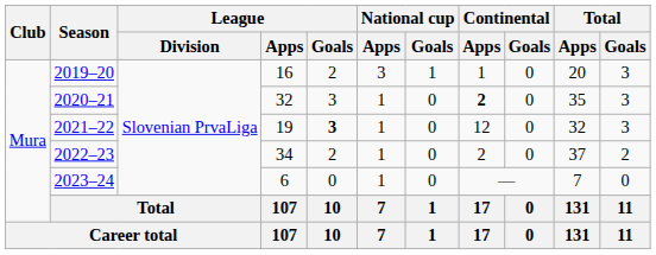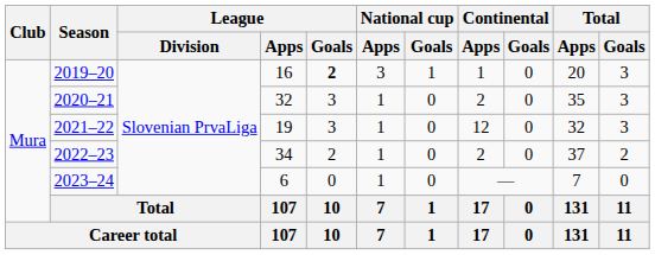 <table class=wikitable style=text-align:center>
 <tr>
 <th rowspan=2>Club</th>
 <th rowspan=2>Season</th>
 <th colspan=3>League</th>
 <th colspan=2>National cup</th>
 <th colspan=2>Continental</th>
 <th colspan=2>Total</th>
 </tr>
 <tr>
 <th>Division</th>
 <th>Apps</th>
 <th>Goals</th>
 <th>Apps</th>
 <th>Goals</th>
 <th>Apps</th>
 <th>Goals</th>
 <th>Apps</th>
 <th>Goals</th>
 </tr>
 <tr>
 <td rowspan=6><a href='#'>Mura</a></td>
 <td><a href='#'>2019–20</a></td>
 <td rowspan=5><a href='#'>Slovenian PrvaLiga</a></td>
 <td>16</td>
-<td>2</td>
+<td><strong>2</strong></td>
 <td>3</td>
 <td>1</td>
 <td>1</td>
 <td>0</td>
 <td>20</td>
 <td>3</td>
 </tr>
 <tr>
 <td><a href='#'>2020–21</a></td>
 <td>32</td>
 <td>3</td>
 <td>1</td>
 <td>0</td>
-<td><strong>2</strong></td>
+<td>2</td>
 <td>0</td>
 <td>35</td>
 <td>3</td>
 </tr>
 <tr>
 <td><a href='#'>2021–22</a></td>
 <td>19</td>
-<td><strong>3</strong></td>
+<td>3</td>
 <td>1</td>
 <td>0</td>
 <td>12</td>
 <td>0</td>
 <td>32</td>
 <td>3</td>
 </tr>
 <tr>
 <td><a href='#'>2022–23</a></td>
 <td>34</td>
 <td>2</td>
 <td>1</td>
 <td>0</td>
 <td>2</td>
 <td>0</td>
 <td>37</td>
 <td>2</td>
 </tr>
 <tr>
 <td><a href='#'>2023–24</a></td>
 <td>6</td>
 <td>0</td>
 <td>1</td>
 <td>0</td>
 <td colspan="2">—</td>
 <td>7</td>
 <td>0</td>
 </tr>
 <tr>
 <th colspan="2">Total</th>
 <th>107</th>
 <th>10</th>
 <th>7</th>
 <th>1</th>
 <th>17</th>
 <th>0</th>
 <th>131</th>
 <th>11</th>
 </tr>
 <tr>
 <th colspan=3>Career total</th>
 <th>107</th>
 <th>10</th>
 <th>7</th>
 <th>1</th>
 <th>17</th>
 <th>0</th>
 <th>131</th>
 <th>11</th>
 </tr>
 </table>
